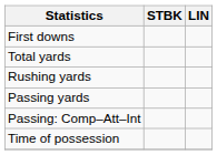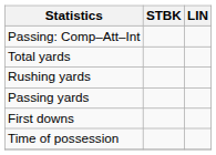 <table class="wikitable" style="float: left;">
 <tr>
 <th>Statistics</th>
 <th>STBK</th>
 <th>LIN</th>
 </tr>
 <tr>
-<td>First downs</td>
+<td>Passing: Comp–Att–Int</td>
 <td></td>
 <td></td>
 </tr>
 <tr>
 <td>Total yards</td>
 <td></td>
 <td></td>
 </tr>
 <tr>
 <td>Rushing yards</td>
 <td></td>
 <td></td>
 </tr>
 <tr>
 <td>Passing yards</td>
 <td></td>
 <td></td>
 </tr>
 <tr>
-<td>Passing: Comp–Att–Int</td>
+<td>First downs</td>
 <td></td>
 <td></td>
 </tr>
 <tr>
 <td>Time of possession</td>
 <td></td>
 <td></td>
 </tr>
 <tr>
 </tr>
 </table>
